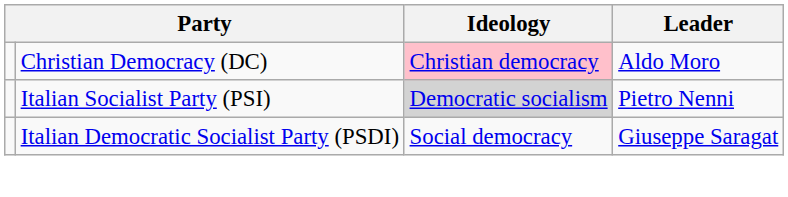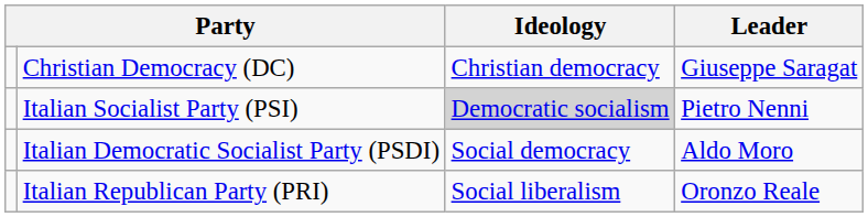 <table class=wikitable style="font-size:95%">
 <tr>
 <th colspan=2>Party</th>
 <th>Ideology</th>
 <th>Leader</th>
 </tr>
 <tr>
 <td style="color:inherit;background:"></td>
 <td><a href='#'>Christian Democracy</a> (DC)</td>
-<td style="background: pink;"><a href='#'>Christian democracy</a></td>
-<td><a href='#'>Aldo Moro</a></td>
+<td><a href='#'>Christian democracy</a></td>
+<td><a href='#'>Giuseppe Saragat</a></td>
 </tr>
 <tr>
 <td style="color:inherit;background:"></td>
 <td><a href='#'>Italian Socialist Party</a> (PSI)</td>
 <td style="background: lightgrey;"><a href='#'>Democratic socialism</a></td>
 <td><a href='#'>Pietro Nenni</a></td>
 </tr>
 <tr>
 <td style="color:inherit;background:"></td>
 <td><a href='#'>Italian Democratic Socialist Party</a> (PSDI)</td>
 <td><a href='#'>Social democracy</a></td>
-<td><a href='#'>Giuseppe Saragat</a></td>
+<td><a href='#'>Aldo Moro</a></td>
+</tr>
+<tr>
+<td style="color:inherit;background:"></td>
+<td><a href='#'>Italian Republican Party</a> (PRI)</td>
+<td><a href='#'>Social liberalism</a></td>
+<td><a href='#'>Oronzo Reale</a></td>
 </tr>
 </table>
